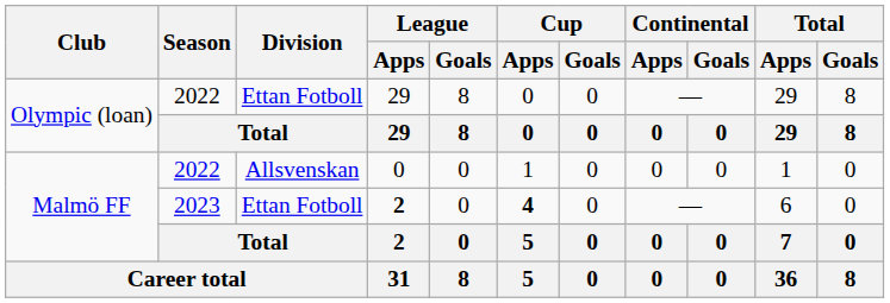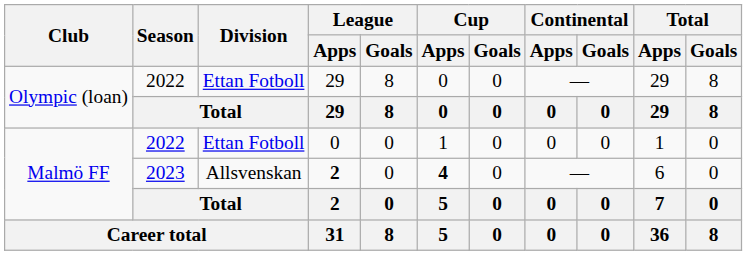 <table class="wikitable" style="text-align:center;">
 <tr>
 <th rowspan="2">Club</th>
 <th rowspan="2">Season</th>
 <th rowspan="2">Division</th>
 <th colspan="2">League</th>
 <th colspan="2">Cup</th>
 <th colspan="2">Continental</th>
 <th colspan="2">Total</th>
 </tr>
 <tr>
 <th>Apps</th>
 <th>Goals</th>
 <th>Apps</th>
 <th>Goals</th>
 <th>Apps</th>
 <th>Goals</th>
 <th>Apps</th>
 <th>Goals</th>
 </tr>
 <tr>
 <td rowspan="2"><a href='#'>Olympic</a> (loan)</td>
 <td>2022</td>
 <td><a href='#'>Ettan Fotboll</a></td>
 <td>29</td>
 <td>8</td>
 <td>0</td>
 <td>0</td>
 <td colspan="2">—</td>
 <td>29</td>
 <td>8</td>
 </tr>
 <tr>
 <th colspan="2">Total</th>
 <th>29</th>
 <th>8</th>
 <th>0</th>
 <th>0</th>
 <th>0</th>
 <th>0</th>
 <th>29</th>
 <th>8</th>
 </tr>
 <tr>
 <td rowspan="3"><a href='#'>Malmö FF</a></td>
 <td><a href='#'>2022</a></td>
-<td><a href='#'>Allsvenskan</a></td>
+<td><a href='#'>Ettan Fotboll</a></td>
 <td>0</td>
 <td>0</td>
 <td>1</td>
 <td>0</td>
 <td>0</td>
 <td>0</td>
 <td>1</td>
 <td>0</td>
 </tr>
 <tr>
 <td><a href='#'>2023</a></td>
-<td><a href='#'>Ettan Fotboll</a></td>
+<td>Allsvenskan</td>
 <td><strong>2</strong></td>
 <td>0</td>
 <td><strong>4</strong></td>
 <td>0</td>
 <td colspan="2">—</td>
 <td>6</td>
 <td>0</td>
 </tr>
 <tr>
 <th colspan="2">Total</th>
 <th>2</th>
 <th>0</th>
 <th>5</th>
 <th>0</th>
 <th>0</th>
 <th>0</th>
 <th>7</th>
 <th>0</th>
 </tr>
 <tr>
 <th colspan="3">Career total</th>
 <th>31</th>
 <th>8</th>
 <th>5</th>
 <th>0</th>
 <th>0</th>
 <th>0</th>
 <th>36</th>
 <th>8</th>
 </tr>
 </table>
